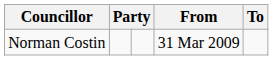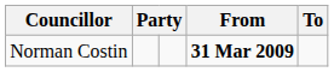 <table class=wikitable>
 <tr>
 <th>Councillor</th>
 <th colspan=2>Party</th>
 <th>From</th>
 <th>To</th>
 </tr>
 <tr>
 <td>Norman Costin</td>
 <td></td>
 <td></td>
-<td align=right>31 Mar 2009</td>
+<td align=right><strong>31 Mar 2009</strong></td>
 </tr>
 </table>
